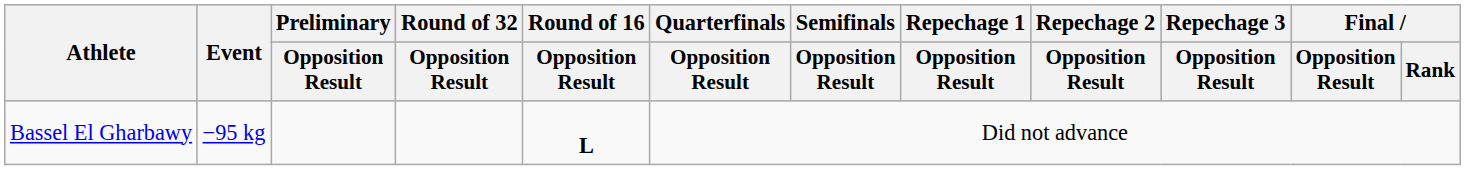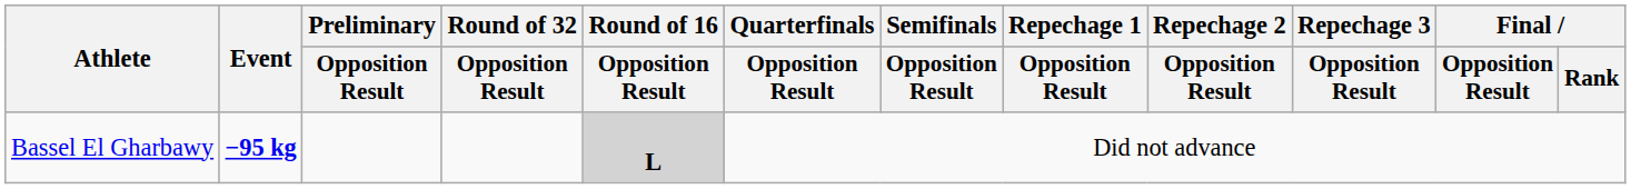 <table class="wikitable" style="font-size:90%">
 <tr>
 <th rowspan="2">Athlete</th>
 <th rowspan="2">Event</th>
 <th>Preliminary</th>
 <th>Round of 32</th>
 <th>Round of 16</th>
 <th>Quarterfinals</th>
 <th>Semifinals</th>
 <th>Repechage 1</th>
 <th>Repechage 2</th>
 <th>Repechage 3</th>
 <th colspan=2>Final / </th>
 </tr>
 <tr style="font-size:95%">
 <th>Opposition<br>Result</th>
 <th>Opposition<br>Result</th>
 <th>Opposition<br>Result</th>
 <th>Opposition<br>Result</th>
 <th>Opposition<br>Result</th>
 <th>Opposition<br>Result</th>
 <th>Opposition<br>Result</th>
 <th>Opposition<br>Result</th>
 <th>Opposition<br>Result</th>
 <th>Rank</th>
 </tr>
 <tr align=center>
 <td align=left><a href='#'>Bassel El Gharbawy</a></td>
-<td align=left><a href='#'>−95 kg</a></td>
+<td align=left><strong><a href='#'>−95 kg</a></strong></td>
 <td></td>
 <td></td>
-<td><br><strong>L</strong></td>
+<td style="background: lightgrey;"><br><strong>L</strong></td>
 <td colspan=7>Did not advance</td>
 </tr>
 </table>
